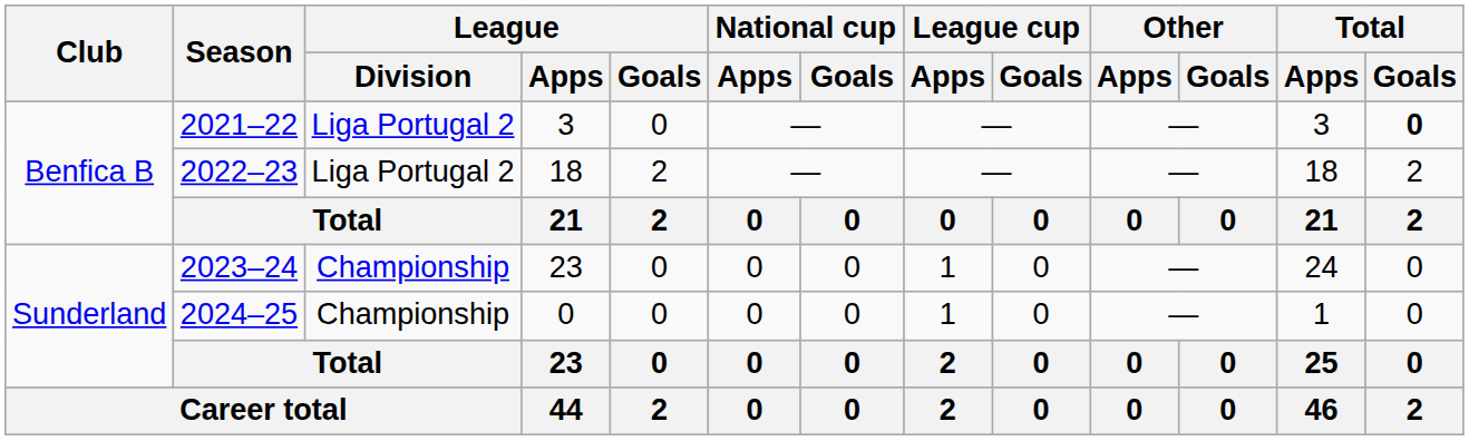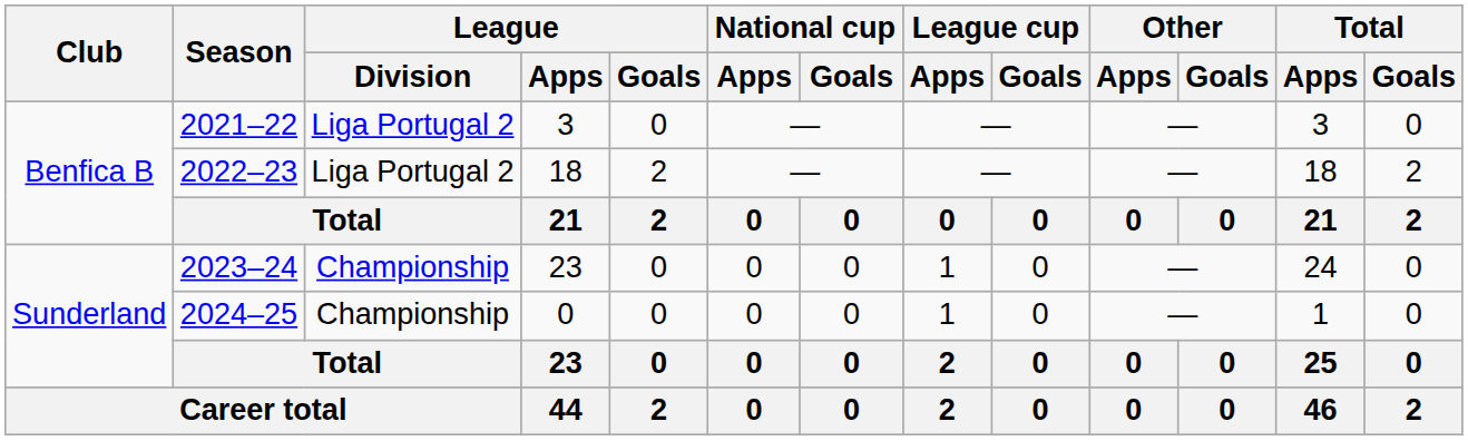 <table class="wikitable" style="text-align: center;">
 <tr>
 <th rowspan="2">Club</th>
 <th rowspan="2">Season</th>
 <th colspan="3">League</th>
 <th colspan="2">National cup</th>
 <th colspan="2">League cup</th>
 <th colspan="2">Other</th>
 <th colspan="2">Total</th>
 </tr>
 <tr>
 <th>Division</th>
 <th>Apps</th>
 <th>Goals</th>
 <th>Apps</th>
 <th>Goals</th>
 <th>Apps</th>
 <th>Goals</th>
 <th>Apps</th>
 <th>Goals</th>
 <th>Apps</th>
 <th>Goals</th>
 </tr>
 <tr>
 <td rowspan="3"><a href='#'>Benfica B</a></td>
 <td><a href='#'>2021–22</a></td>
 <td><a href='#'>Liga Portugal 2</a></td>
 <td>3</td>
 <td>0</td>
 <td colspan="2">—</td>
 <td colspan="2">—</td>
 <td colspan="2">—</td>
 <td>3</td>
-<td><strong>0</strong></td>
+<td>0</td>
 </tr>
 <tr>
 <td><a href='#'>2022–23</a></td>
 <td>Liga Portugal 2</td>
 <td>18</td>
 <td>2</td>
 <td colspan="2">—</td>
 <td colspan="2">—</td>
 <td colspan="2">—</td>
 <td>18</td>
 <td>2</td>
 </tr>
 <tr>
 <th colspan="2">Total</th>
 <th>21</th>
 <th>2</th>
 <th>0</th>
 <th>0</th>
 <th>0</th>
 <th>0</th>
 <th>0</th>
 <th>0</th>
 <th>21</th>
 <th>2</th>
 </tr>
 <tr>
 <td rowspan="3"><a href='#'>Sunderland</a></td>
 <td><a href='#'>2023–24</a></td>
 <td><a href='#'>Championship</a></td>
 <td>23</td>
 <td>0</td>
 <td>0</td>
 <td>0</td>
 <td>1</td>
 <td>0</td>
 <td colspan="2">—</td>
 <td>24</td>
 <td>0</td>
 </tr>
 <tr>
 <td><a href='#'>2024–25</a></td>
 <td>Championship</td>
 <td>0</td>
 <td>0</td>
 <td>0</td>
 <td>0</td>
 <td>1</td>
 <td>0</td>
 <td colspan="2">—</td>
 <td>1</td>
 <td>0</td>
 </tr>
 <tr>
 <th colspan="2">Total</th>
 <th>23</th>
 <th>0</th>
 <th>0</th>
 <th>0</th>
 <th>2</th>
 <th>0</th>
 <th>0</th>
 <th>0</th>
 <th>25</th>
 <th>0</th>
 </tr>
 <tr>
 <th colspan="3">Career total</th>
 <th>44</th>
 <th>2</th>
 <th>0</th>
 <th>0</th>
 <th>2</th>
 <th>0</th>
 <th>0</th>
 <th>0</th>
 <th>46</th>
 <th>2</th>
 </tr>
 </table>
